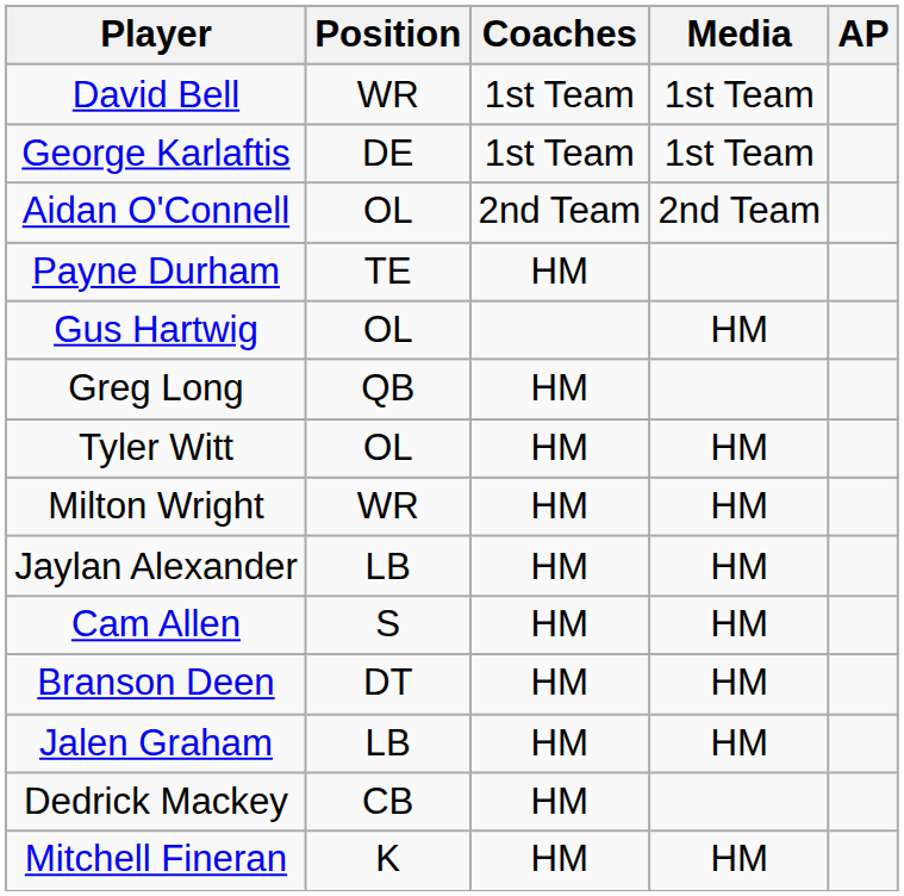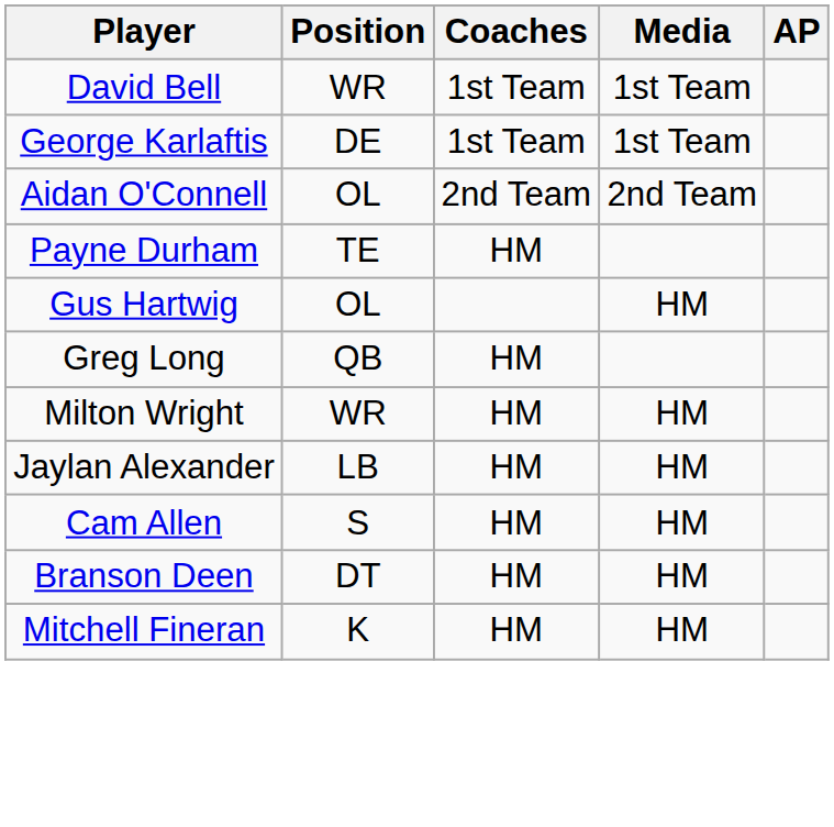 <table class="wikitable sortable" style="text-align: center">
 <tr>
 <th>Player</th>
 <th>Position</th>
 <th>Coaches</th>
 <th>Media</th>
 <th>AP</th>
 </tr>
 <tr>
 <td><a href='#'>David Bell</a></td>
 <td>WR</td>
 <td>1st Team</td>
 <td>1st Team</td>
 <td></td>
 </tr>
 <tr>
 <td><a href='#'>George Karlaftis</a></td>
 <td>DE</td>
 <td>1st Team</td>
 <td>1st Team</td>
 <td></td>
 </tr>
 <tr>
 <td><a href='#'>Aidan O'Connell</a></td>
 <td>OL</td>
 <td>2nd Team</td>
 <td>2nd Team</td>
 <td></td>
 </tr>
 <tr>
 <td><a href='#'>Payne Durham</a></td>
 <td>TE</td>
 <td>HM</td>
 <td></td>
 <td></td>
 </tr>
 <tr>
 <td><a href='#'>Gus Hartwig</a></td>
 <td>OL</td>
 <td></td>
 <td>HM</td>
 <td></td>
 </tr>
 <tr>
 <td>Greg Long</td>
 <td>QB</td>
 <td>HM</td>
 <td></td>
 <td></td>
 </tr>
 <tr>
-<td>Tyler Witt</td>
-<td>OL</td>
-<td>HM</td>
-<td>HM</td>
-<td></td>
-</tr>
-<tr>
 <td>Milton Wright</td>
 <td>WR</td>
 <td>HM</td>
 <td>HM</td>
 <td></td>
 </tr>
 <tr>
 <td>Jaylan Alexander</td>
 <td>LB</td>
 <td>HM</td>
 <td>HM</td>
 <td></td>
 </tr>
 <tr>
 <td><a href='#'>Cam Allen</a></td>
 <td>S</td>
 <td>HM</td>
 <td>HM</td>
 <td></td>
 </tr>
 <tr>
 <td><a href='#'>Branson Deen</a></td>
 <td>DT</td>
 <td>HM</td>
 <td>HM</td>
 <td></td>
 </tr>
 <tr>
-<td><a href='#'>Jalen Graham</a></td>
-<td>LB</td>
-<td>HM</td>
-<td>HM</td>
-<td></td>
-</tr>
-<tr>
-<td>Dedrick Mackey</td>
-<td>CB</td>
-<td>HM</td>
-<td></td>
-<td></td>
-</tr>
-<tr>
 <td><a href='#'>Mitchell Fineran</a></td>
 <td>K</td>
 <td>HM</td>
 <td>HM</td>
 <td></td>
 </tr>
 </table>
